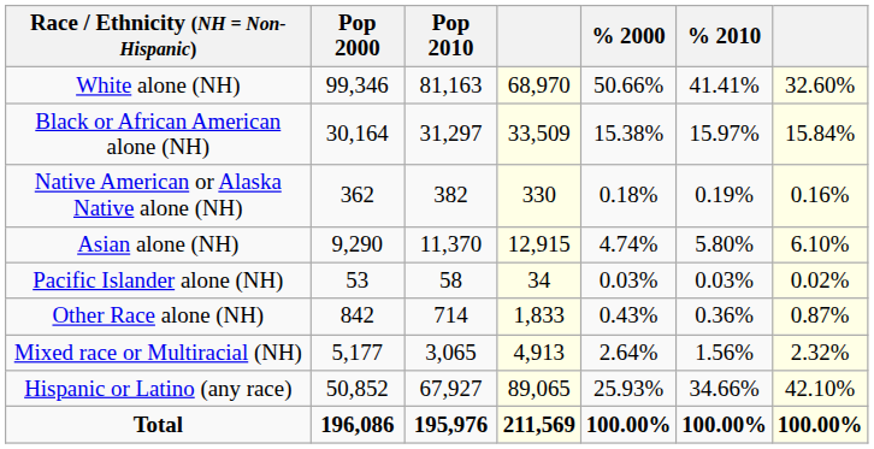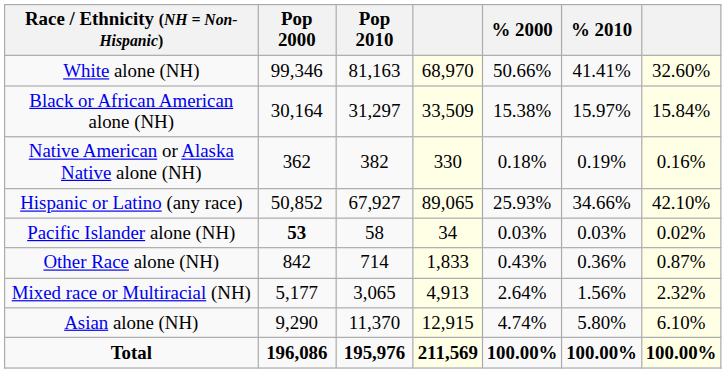 <table class="wikitable" style="text-align:center;">
 <tr>
 <th>Race / Ethnicity <small>(<em>NH = Non-Hispanic</em>)</small></th>
 <th>Pop 2000</th>
 <th>Pop 2010</th>
 <th></th>
 <th>% 2000</th>
 <th>% 2010</th>
 <th></th>
 </tr>
 <tr>
 <td><a href='#'>White</a> alone (NH)</td>
 <td>99,346</td>
 <td>81,163</td>
 <td style='background: #ffffe6;'>68,970</td>
 <td>50.66%</td>
 <td>41.41%</td>
 <td style='background: #ffffe6;'>32.60%</td>
 </tr>
 <tr>
 <td><a href='#'>Black or African American</a> alone (NH)</td>
 <td>30,164</td>
 <td>31,297</td>
 <td style='background: #ffffe6;'>33,509</td>
 <td>15.38%</td>
 <td>15.97%</td>
 <td style='background: #ffffe6;'>15.84%</td>
 </tr>
 <tr>
 <td><a href='#'>Native American</a> or <a href='#'>Alaska Native</a> alone (NH)</td>
 <td>362</td>
 <td>382</td>
 <td style='background: #ffffe6;'>330</td>
 <td>0.18%</td>
 <td>0.19%</td>
 <td style='background: #ffffe6;'>0.16%</td>
 </tr>
 <tr>
-<td><a href='#'>Asian</a> alone (NH)</td>
-<td>9,290</td>
-<td>11,370</td>
-<td style='background: #ffffe6;'>12,915</td>
-<td>4.74%</td>
-<td>5.80%</td>
-<td style='background: #ffffe6;'>6.10%</td>
+<td><a href='#'>Hispanic or Latino</a> (any race)</td>
+<td>50,852</td>
+<td>67,927</td>
+<td style='background: #ffffe6;'>89,065</td>
+<td>25.93%</td>
+<td>34.66%</td>
+<td style='background: #ffffe6;'>42.10%</td>
 </tr>
 <tr>
 <td><a href='#'>Pacific Islander</a> alone (NH)</td>
-<td>53</td>
+<td><strong>53</strong></td>
 <td>58</td>
 <td style='background: #ffffe6;'>34</td>
 <td>0.03%</td>
 <td>0.03%</td>
 <td style='background: #ffffe6;'>0.02%</td>
 </tr>
 <tr>
 <td><a href='#'>Other Race</a> alone (NH)</td>
 <td>842</td>
 <td>714</td>
 <td style='background: #ffffe6;'>1,833</td>
 <td>0.43%</td>
 <td>0.36%</td>
 <td style='background: #ffffe6;'>0.87%</td>
 </tr>
 <tr>
 <td><a href='#'>Mixed race or Multiracial</a> (NH)</td>
 <td>5,177</td>
 <td>3,065</td>
 <td style='background: #ffffe6;'>4,913</td>
 <td>2.64%</td>
 <td>1.56%</td>
 <td style='background: #ffffe6;'>2.32%</td>
 </tr>
 <tr>
-<td><a href='#'>Hispanic or Latino</a> (any race)</td>
-<td>50,852</td>
-<td>67,927</td>
-<td style='background: #ffffe6;'>89,065</td>
-<td>25.93%</td>
-<td>34.66%</td>
-<td style='background: #ffffe6;'>42.10%</td>
+<td><a href='#'>Asian</a> alone (NH)</td>
+<td>9,290</td>
+<td>11,370</td>
+<td style='background: #ffffe6;'>12,915</td>
+<td>4.74%</td>
+<td>5.80%</td>
+<td style='background: #ffffe6;'>6.10%</td>
 </tr>
 <tr>
 <td><strong>Total</strong></td>
 <td><strong>196,086</strong></td>
 <td><strong>195,976</strong></td>
 <td style='background: #ffffe6;'><strong>211,569</strong></td>
 <td><strong>100.00%</strong></td>
 <td><strong>100.00%</strong></td>
 <td style='background: #ffffe6;'><strong>100.00%</strong></td>
 </tr>
 </table>
